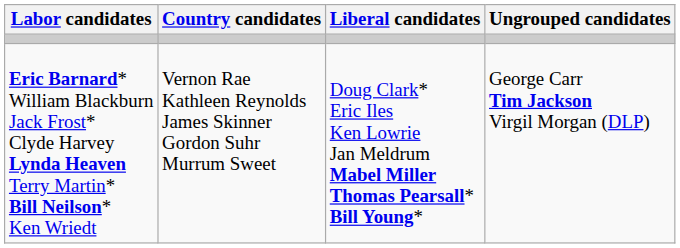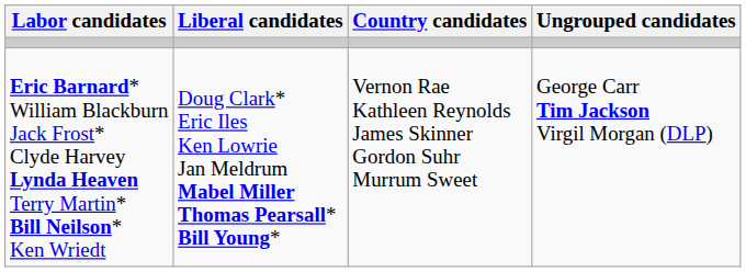 <table class="wikitable">
 <tr>
 <th><a href='#'>Labor</a> candidates</th>
+<th><a href='#'>Liberal</a> candidates</th>
 <th><a href='#'>Country</a> candidates</th>
-<th><a href='#'>Liberal</a> candidates</th>
 <th>Ungrouped candidates</th>
 </tr>
 <tr bgcolor="#cccccc">
 <td></td>
 <td></td>
 <td></td>
 <td></td>
 </tr>
 <tr>
 <td><br><strong><a href='#'>Eric Barnard</a></strong>*<br> William Blackburn<br> <a href='#'>Jack Frost</a>*<br> Clyde Harvey<br> <strong><a href='#'>Lynda Heaven</a></strong><br> <a href='#'>Terry Martin</a>*<br> <strong><a href='#'>Bill Neilson</a></strong>*<br> <a href='#'>Ken Wriedt</a></td>
+<td><br><a href='#'>Doug Clark</a>*<br> <a href='#'>Eric Iles</a><br> <a href='#'>Ken Lowrie</a><br> Jan Meldrum<br> <strong><a href='#'>Mabel Miller</a></strong><br> <strong><a href='#'>Thomas Pearsall</a></strong>*<br> <strong><a href='#'>Bill Young</a></strong>*</td>
 <td valign=top><br>Vernon Rae<br> Kathleen Reynolds<br> James Skinner<br> Gordon Suhr<br> Murrum Sweet</td>
-<td><br><a href='#'>Doug Clark</a>*<br> <a href='#'>Eric Iles</a><br> <a href='#'>Ken Lowrie</a><br> Jan Meldrum<br> <strong><a href='#'>Mabel Miller</a></strong><br> <strong><a href='#'>Thomas Pearsall</a></strong>*<br> <strong><a href='#'>Bill Young</a></strong>*</td>
 <td valign=top><br>George Carr<br> <strong><a href='#'>Tim Jackson</a></strong><br> Virgil Morgan (<a href='#'>DLP</a>)</td>
 </tr>
 </table>
